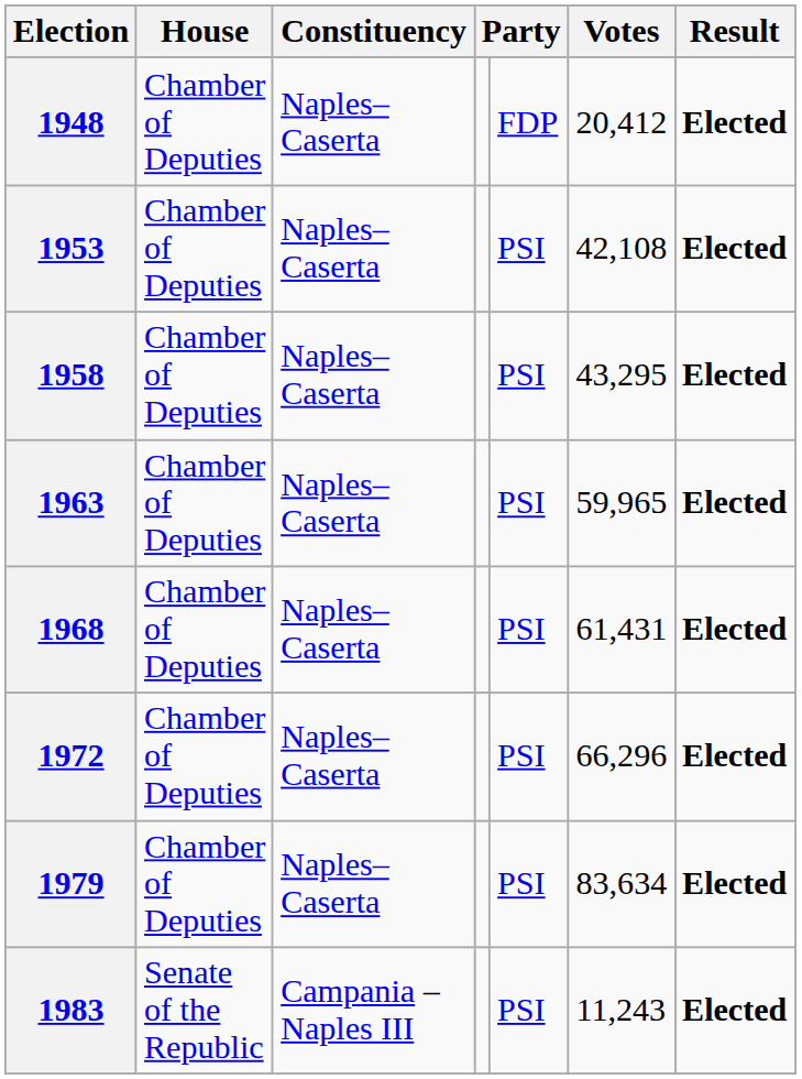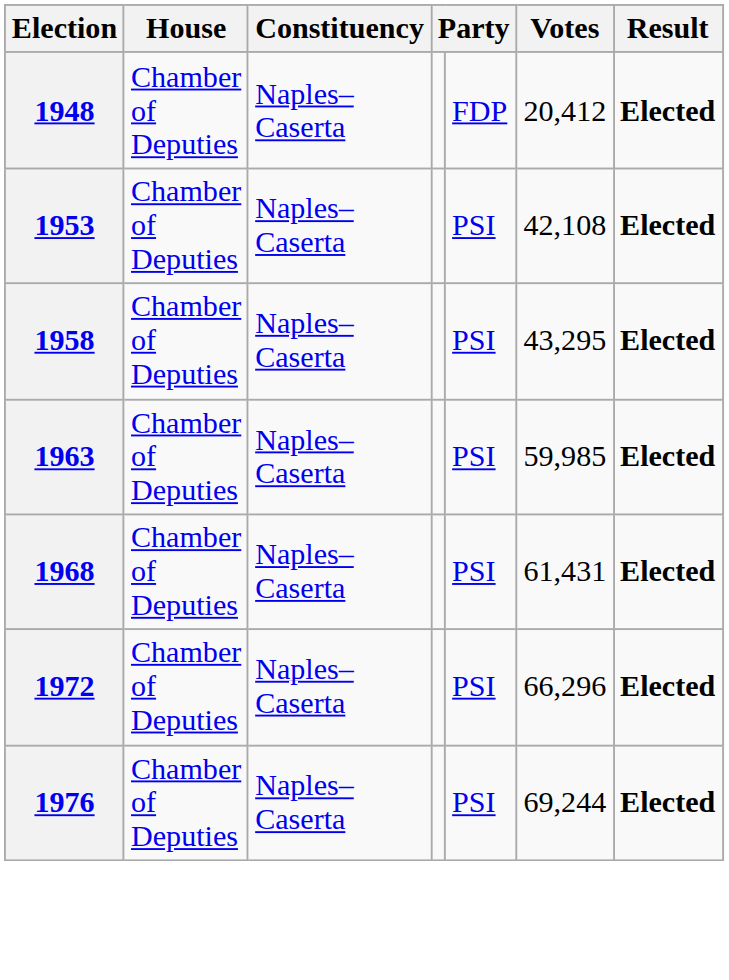 <table class=wikitable style="width:58%; border:1px #AAAAFF solid">
 <tr>
 <th width=12%>Election</th>
 <th width=23%>House</th>
 <th width=35%>Constituency</th>
 <th width=5% colspan="2">Party</th>
 <th width=12%>Votes</th>
 <th width=12%>Result</th>
 </tr>
 <tr>
 <th><a href='#'>1948</a></th>
 <td><a href='#'>Chamber of Deputies</a></td>
 <td><a href='#'>Naples–Caserta</a></td>
 <td></td>
 <td><a href='#'>FDP</a></td>
 <td>20,412</td>
 <td> <strong>Elected</strong></td>
 </tr>
 <tr>
 <th><a href='#'>1953</a></th>
 <td><a href='#'>Chamber of Deputies</a></td>
 <td><a href='#'>Naples–Caserta</a></td>
 <td></td>
 <td><a href='#'>PSI</a></td>
 <td>42,108</td>
 <td> <strong>Elected</strong></td>
 </tr>
 <tr>
 <th><a href='#'>1958</a></th>
 <td><a href='#'>Chamber of Deputies</a></td>
 <td><a href='#'>Naples–Caserta</a></td>
 <td></td>
 <td><a href='#'>PSI</a></td>
 <td>43,295</td>
 <td> <strong>Elected</strong></td>
 </tr>
 <tr>
 <th><a href='#'>1963</a></th>
 <td><a href='#'>Chamber of Deputies</a></td>
 <td><a href='#'>Naples–Caserta</a></td>
 <td></td>
 <td><a href='#'>PSI</a></td>
-<td>59,965</td>
+<td>59,985</td>
 <td> <strong>Elected</strong></td>
 </tr>
 <tr>
 <th><a href='#'>1968</a></th>
 <td><a href='#'>Chamber of Deputies</a></td>
 <td><a href='#'>Naples–Caserta</a></td>
 <td></td>
 <td><a href='#'>PSI</a></td>
 <td>61,431</td>
 <td> <strong>Elected</strong></td>
 </tr>
 <tr>
 <th><a href='#'>1972</a></th>
 <td><a href='#'>Chamber of Deputies</a></td>
 <td><a href='#'>Naples–Caserta</a></td>
 <td></td>
 <td><a href='#'>PSI</a></td>
 <td>66,296</td>
 <td> <strong>Elected</strong></td>
 </tr>
 <tr>
-<th><a href='#'>1979</a></th>
+<th><a href='#'>1976</a></th>
 <td><a href='#'>Chamber of Deputies</a></td>
 <td><a href='#'>Naples–Caserta</a></td>
 <td></td>
 <td><a href='#'>PSI</a></td>
-<td>83,634</td>
-<td> <strong>Elected</strong></td>
-</tr>
-<tr>
-<th><a href='#'>1983</a></th>
-<td><a href='#'>Senate of the Republic</a></td>
-<td><a href='#'>Campania</a> – <a href='#'>Naples III</a></td>
-<td></td>
-<td><a href='#'>PSI</a></td>
-<td>11,243</td>
+<td>69,244</td>
 <td> <strong>Elected</strong></td>
 </tr>
 </table>
